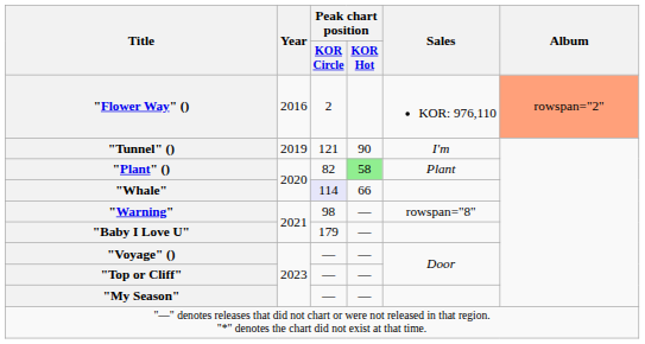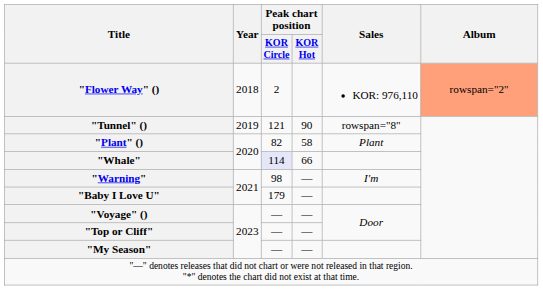 <table class="wikitable plainrowheaders" style="text-align:center">
 <tr>
 <th scope="col" rowspan="2" style="width:20em">Title</th>
 <th scope="col" rowspan="2">Year</th>
 <th scope="col" colspan="2">Peak chart position</th>
 <th scope="col" rowspan="2">Sales</th>
 <th scope="col" rowspan="2" style="width:10em">Album</th>
 </tr>
 <tr>
 <th scope="col" style="width:2.5em;font-size:90%"><a href='#'>KOR<br>Circle</a><br></th>
 <th scope="col" style="width:2.5em;font-size:90%"><a href='#'>KOR<br>Hot</a><br></th>
 </tr>
 <tr>
 <th scope="row">"<a href='#'>Flower Way</a>"  ()</th>
-<td>2016</td>
+<td>2018</td>
 <td>2</td>
 <td></td>
 <td><br><ul><li>KOR: 976,110</li></ul></td>
 <td style="background: lightsalmon;">rowspan="2" </td>
 </tr>
 <tr>
 <th scope="row">"Tunnel" ()</th>
 <td>2019</td>
 <td>121</td>
 <td>90</td>
-<td><em>I'm</em></td>
+<td>rowspan="8" </td>
 </tr>
 <tr>
 <th scope="row">"<a href='#'>Plant</a>" ()</th>
 <td rowspan="2">2020</td>
 <td>82</td>
-<td style="background: lightgreen;">58</td>
+<td>58</td>
 <td><em>Plant</em></td>
 </tr>
 <tr>
 <th scope="row">"Whale"</th>
 <td style="background: lavender;">114</td>
 <td>66</td>
 <td></td>
 </tr>
 <tr>
 <th scope="row">"<a href='#'>Warning</a>"<br></th>
 <td rowspan="2">2021</td>
 <td>98</td>
 <td>—</td>
-<td>rowspan="8" </td>
+<td><em>I'm</em></td>
 </tr>
 <tr>
 <th scope="row">"Baby I Love U"</th>
 <td>179</td>
 <td>—</td>
 <td></td>
 </tr>
 <tr>
 <th scope="row">"Voyage" ()</th>
 <td rowspan="3">2023</td>
 <td>—</td>
 <td>—</td>
 <td rowspan="2"><em>Door</em></td>
 </tr>
 <tr>
 <th scope="row">"Top or Cliff"</th>
 <td>—</td>
 <td>—</td>
 </tr>
 <tr>
 <th scope="row">"My Season"</th>
 <td>—</td>
 <td>—</td>
 <td></td>
 </tr>
 <tr>
 <td colspan="6" style="font-size:85%">"—" denotes releases that did not chart or were not released in that region.<br> "*" denotes the chart did not exist at that time.</td>
 </tr>
 </table>
